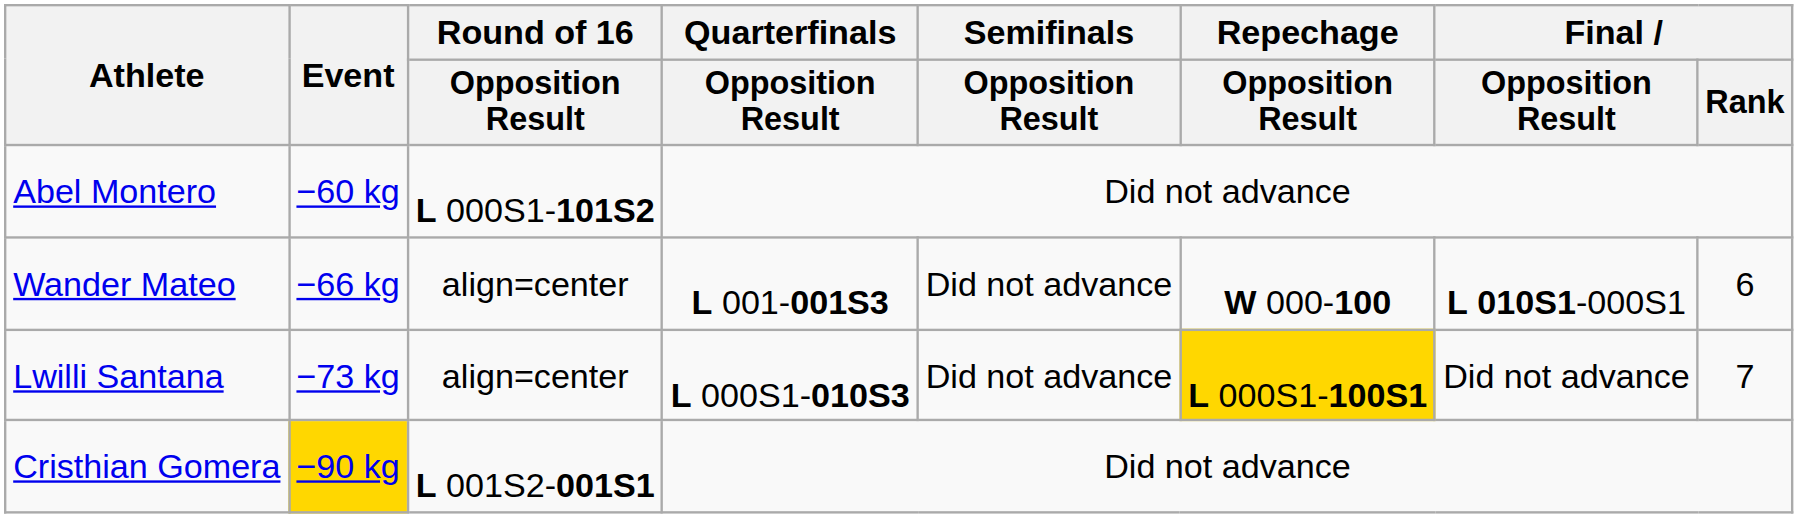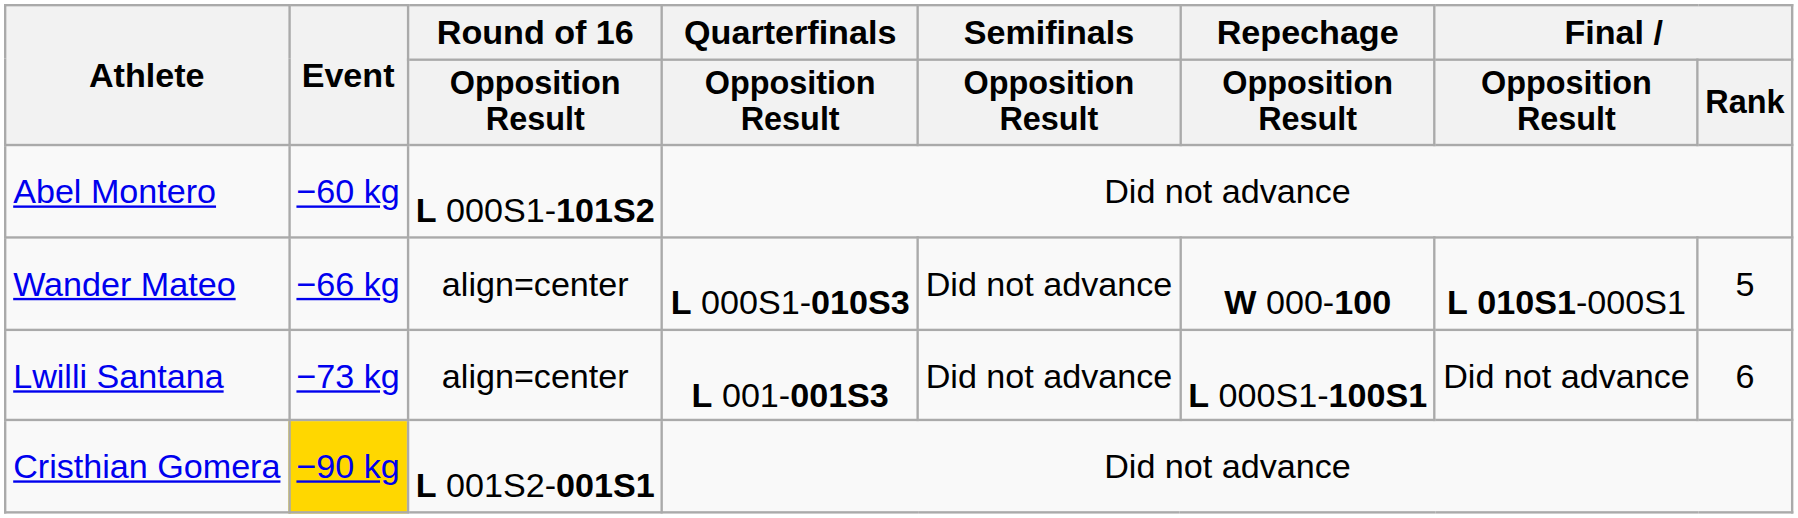 <table class="wikitable" style="font-size:90%">
 <tr>
 <th rowspan=2>Athlete</th>
 <th rowspan=2>Event</th>
 <th>Round of 16</th>
 <th>Quarterfinals</th>
 <th>Semifinals</th>
 <th>Repechage</th>
 <th colspan=2>Final / </th>
 </tr>
 <tr style="font-size:95%">
 <th>Opposition<br>Result</th>
 <th>Opposition<br>Result</th>
 <th>Opposition<br>Result</th>
 <th>Opposition<br>Result</th>
 <th>Opposition<br>Result</th>
 <th>Rank</th>
 </tr>
 <tr align=center>
 <td align=left><a href='#'>Abel Montero</a></td>
 <td align=left><a href='#'>−60 kg</a></td>
 <td> <br><strong>L</strong> 000S1-<strong>101S2</strong></td>
 <td align=center colspan="5">Did not advance</td>
 </tr>
 <tr align=center>
 <td align=left><a href='#'>Wander Mateo</a></td>
 <td align=left><a href='#'>−66 kg</a></td>
 <td>align=center </td>
-<td> <br><strong>L</strong> 001-<strong>001S3</strong></td>
+<td> <br><strong>L</strong> 000S1-<strong>010S3</strong></td>
 <td>Did not advance</td>
 <td> <br><strong>W</strong> 000-<strong>100</strong></td>
 <td> <br><strong>L</strong> <strong>010S1</strong>-000S1</td>
-<td>6</td>
+<td>5</td>
 </tr>
 <tr align=center>
 <td align=left><a href='#'>Lwilli Santana</a></td>
 <td align=left><a href='#'>−73 kg</a></td>
 <td>align=center </td>
-<td> <br><strong>L</strong> 000S1-<strong>010S3</strong></td>
+<td> <br><strong>L</strong> 001-<strong>001S3</strong></td>
 <td>Did not advance</td>
-<td style="background: gold;"> <br><strong>L</strong> 000S1-<strong>100S1</strong></td>
+<td> <br><strong>L</strong> 000S1-<strong>100S1</strong></td>
 <td>Did not advance</td>
-<td>7</td>
+<td>6</td>
 </tr>
 <tr align=center>
 <td align=left><a href='#'>Cristhian Gomera</a></td>
 <td align=left style="background: gold;"><a href='#'>−90 kg</a></td>
 <td> <br><strong>L</strong> 001S2-<strong>001S1</strong></td>
 <td align=center colspan="5">Did not advance</td>
 </tr>
 </table>
